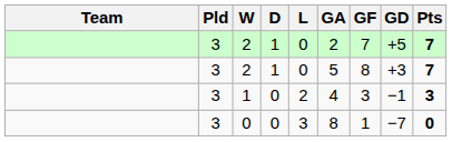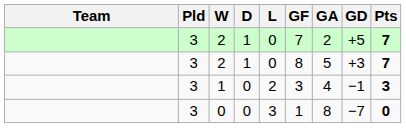 <table class="wikitable" style="text-align:center;">
 <tr>
 <th width=180>Team</th>
 <th width=20>Pld</th>
 <th width=20>W</th>
 <th width=20>D</th>
 <th width=20>L</th>
+<th width=20>GF</th>
 <th width=20>GA</th>
-<th width=20>GF</th>
 <th width=20>GD</th>
 <th width=20>Pts</th>
 </tr>
 <tr style="background:#cfc;">
 <td align="left"></td>
 <td>3</td>
 <td>2</td>
 <td>1</td>
 <td>0</td>
+<td>7</td>
 <td>2</td>
-<td>7</td>
 <td>+5</td>
 <td><strong>7</strong></td>
 </tr>
 <tr>
 <td align="left"></td>
 <td>3</td>
 <td>2</td>
 <td>1</td>
 <td>0</td>
+<td>8</td>
 <td>5</td>
-<td>8</td>
 <td>+3</td>
 <td><strong>7</strong></td>
 </tr>
 <tr>
 <td align="left"><em></em></td>
 <td>3</td>
 <td>1</td>
 <td>0</td>
 <td>2</td>
+<td>3</td>
 <td>4</td>
-<td>3</td>
 <td>−1</td>
 <td><strong>3</strong></td>
 </tr>
 <tr>
 <td align="left"></td>
 <td>3</td>
 <td>0</td>
 <td>0</td>
 <td>3</td>
+<td>1</td>
 <td>8</td>
-<td>1</td>
 <td>−7</td>
 <td><strong>0</strong></td>
 </tr>
 </table>
